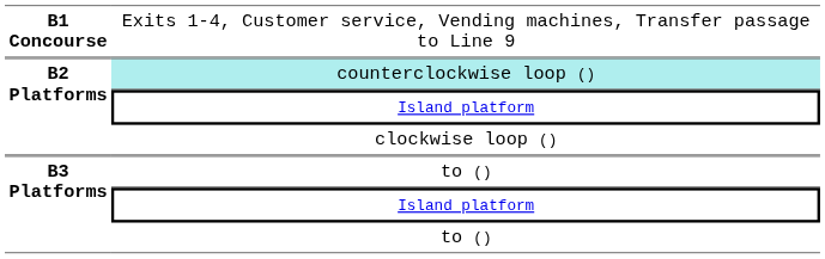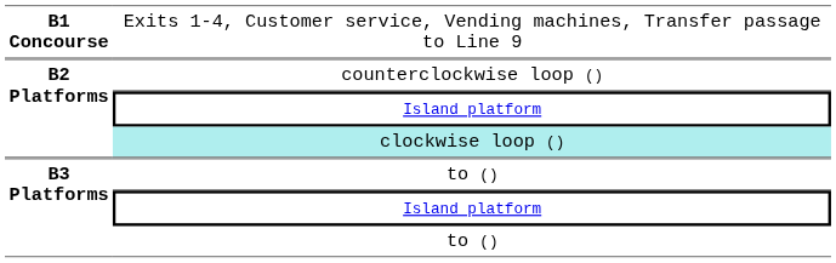 <table table border=0 cellspacing=0 cellpadding=3>
 <tr>
 <td style="border-bottom:solid 1px gray; border-top:solid 1px gray;text-align:center" valign=top><strong>B1<br>Concourse</strong></td>
 <td style="border-bottom:solid 1px gray; border-top:solid 1px gray;text-align:center;" valign=top width=500>Exits 1-4, Customer service, Vending machines, Transfer passage to Line 9</td>
 </tr>
 <tr>
 <td style="border-bottom:solid 1px gray; border-top:solid 1px gray;text-align:center" rowspan="3" valign=top><strong>B2<br>Platforms</strong></td>
-<td style="background: paleturquoise; border-bottom:solid 1px gray; border-top:solid 1px gray;text-align:center;">  counterclockwise loop <small>()</small></td>
+<td style="border-bottom:solid 1px gray; border-top:solid 1px gray;text-align:center;">  counterclockwise loop <small>()</small></td>
 </tr>
 <tr>
 <td style="border-right:solid 2px black;border-left:solid 2px black;border-top:solid 2px black;border-bottom:solid 2px black;text-align:center;" colspan=2><small><a href='#'>Island platform</a></small></td>
 </tr>
 <tr>
-<td style="border-bottom:solid 1px gray;text-align:center;"> clockwise loop <small>()</small> </td>
+<td style="background: paleturquoise; border-bottom:solid 1px gray;text-align:center;"> clockwise loop <small>()</small> </td>
 </tr>
 <tr>
 <td style="border-bottom:solid 1px gray; border-top:solid 1px gray;text-align:center" rowspan="3" valign=top><strong>B3<br>Platforms</strong></td>
 <td style="border-bottom:solid 1px gray; border-top:solid 1px gray;text-align:center;">  to  <small>()</small></td>
 </tr>
 <tr>
 <td style="border-right:solid 2px black;border-left:solid 2px black;border-top:solid 2px black;border-bottom:solid 2px black;text-align:center;" colspan=2><small><a href='#'>Island platform</a></small></td>
 </tr>
 <tr>
 <td style="border-bottom:solid 1px gray;text-align:center;"> to  <small>()</small> </td>
 </tr>
 </table>
